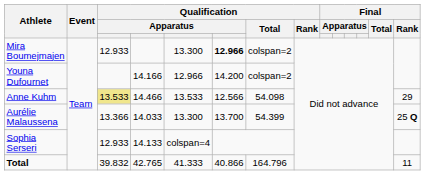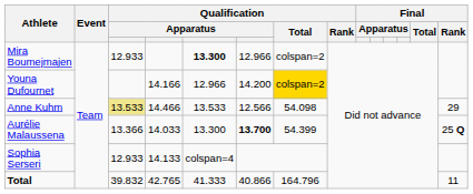 <table class="wikitable" style="font-size:90%">
 <tr>
 <th rowspan=3>Athlete</th>
 <th rowspan=3>Event</th>
 <th colspan=6>Qualification</th>
 <th colspan=6>Final</th>
 </tr>
 <tr style="font-size:95%">
 <th colspan=4>Apparatus</th>
 <th rowspan=2>Total</th>
 <th rowspan=2>Rank</th>
 <th colspan=4>Apparatus</th>
 <th rowspan=2>Total</th>
 <th rowspan=2>Rank</th>
 </tr>
 <tr style="font-size:95%">
 <th></th>
 <th></th>
 <th></th>
 <th></th>
 <th></th>
 <th></th>
 <th></th>
 <th></th>
 </tr>
 <tr align=center>
 <td align=left><a href='#'>Mira Boumejmajen</a></td>
 <td align=left rowspan=6><a href='#'>Team</a></td>
 <td>12.933</td>
 <td></td>
-<td>13.300</td>
-<td><strong>12.966</strong></td>
+<td><strong>13.300</strong></td>
+<td>12.966</td>
 <td>colspan=2 </td>
 <td rowspan=6 colspan=6>Did not advance</td>
 </tr>
 <tr align=center>
 <td align=left><a href='#'>Youna Dufournet</a></td>
 <td></td>
 <td>14.166</td>
 <td>12.966</td>
 <td>14.200</td>
-<td>colspan=2 </td>
+<td style="background: gold;">colspan=2 </td>
 </tr>
 <tr align=center>
 <td align=left><a href='#'>Anne Kuhm</a></td>
 <td style="background: khaki;">13.533</td>
 <td>14.466</td>
 <td>13.533</td>
 <td>12.566</td>
 <td>54.098</td>
 <td>29</td>
 </tr>
 <tr align=center>
 <td align=left><a href='#'>Aurélie Malaussena</a></td>
 <td>13.366</td>
 <td>14.033</td>
 <td>13.300</td>
-<td>13.700</td>
+<td><strong>13.700</strong></td>
 <td>54.399</td>
 <td>25 <strong>Q</strong></td>
 </tr>
 <tr align=center>
 <td align=left><a href='#'>Sophia Serseri</a></td>
 <td>12.933</td>
 <td>14.133</td>
 <td>colspan=4 </td>
 </tr>
 <tr align=center>
 <td align=left><strong>Total</strong></td>
 <td>39.832</td>
 <td>42.765</td>
 <td>41.333</td>
 <td>40.866</td>
 <td>164.796</td>
 <td>11</td>
 </tr>
 </table>
